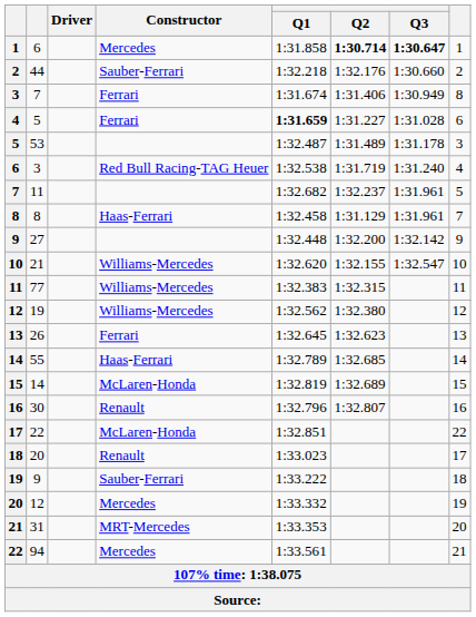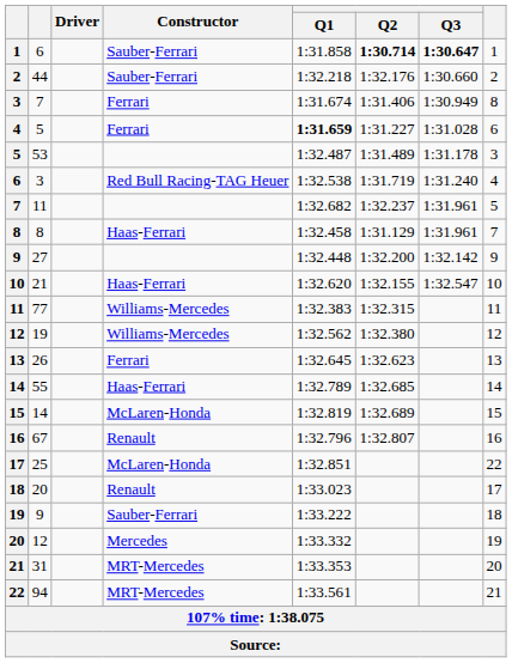 <table class="wikitable sortable" style="font-size: 85%;">
 <tr>
 <th rowspan="2"></th>
 <th rowspan="2"></th>
 <th rowspan="2">Driver</th>
 <th rowspan="2">Constructor</th>
 <th colspan="3"></th>
 <th rowspan="2"></th>
 </tr>
 <tr>
 <th>Q1</th>
 <th>Q2</th>
 <th>Q3</th>
 </tr>
 <tr>
 <th>1</th>
 <td align="center">6</td>
 <td></td>
-<td><a href='#'>Mercedes</a></td>
+<td><a href='#'>Sauber</a>-<a href='#'>Ferrari</a></td>
 <td>1:31.858</td>
 <td><strong>1:30.714</strong></td>
 <td><strong>1:30.647</strong></td>
 <td align="center">1</td>
 </tr>
 <tr>
 <th>2</th>
 <td align="center">44</td>
 <td></td>
 <td><a href='#'>Sauber</a>-<a href='#'>Ferrari</a></td>
 <td>1:32.218</td>
 <td>1:32.176</td>
 <td>1:30.660</td>
 <td align="center">2</td>
 </tr>
 <tr>
 <th>3</th>
 <td align="center">7</td>
 <td></td>
 <td><a href='#'>Ferrari</a></td>
 <td>1:31.674</td>
 <td>1:31.406</td>
 <td>1:30.949</td>
 <td align="center">8</td>
 </tr>
 <tr>
 <th>4</th>
 <td align="center">5</td>
 <td></td>
 <td><a href='#'>Ferrari</a></td>
 <td><strong>1:31.659</strong></td>
 <td>1:31.227</td>
 <td>1:31.028</td>
 <td align="center">6</td>
 </tr>
 <tr>
 <th>5</th>
 <td align="center">53</td>
 <td></td>
 <td></td>
 <td>1:32.487</td>
 <td>1:31.489</td>
 <td>1:31.178</td>
 <td align="center">3</td>
 </tr>
 <tr>
 <th>6</th>
 <td align="center">3</td>
 <td></td>
 <td><a href='#'>Red Bull Racing</a>-<a href='#'>TAG Heuer</a></td>
 <td>1:32.538</td>
 <td>1:31.719</td>
 <td>1:31.240</td>
 <td align="center">4</td>
 </tr>
 <tr>
 <th>7</th>
 <td align="center">11</td>
 <td></td>
 <td></td>
 <td>1:32.682</td>
 <td>1:32.237</td>
 <td>1:31.961</td>
 <td align="center">5</td>
 </tr>
 <tr>
 <th>8</th>
 <td align="center">8</td>
 <td></td>
 <td><a href='#'>Haas</a>-<a href='#'>Ferrari</a></td>
 <td>1:32.458</td>
 <td>1:31.129</td>
 <td>1:31.961</td>
 <td align="center">7</td>
 </tr>
 <tr>
 <th>9</th>
 <td align="center">27</td>
 <td></td>
 <td></td>
 <td>1:32.448</td>
 <td>1:32.200</td>
 <td>1:32.142</td>
 <td align="center">9</td>
 </tr>
 <tr>
 <th>10</th>
 <td align="center">21</td>
 <td></td>
-<td><a href='#'>Williams</a>-<a href='#'>Mercedes</a></td>
+<td><a href='#'>Haas</a>-<a href='#'>Ferrari</a></td>
 <td>1:32.620</td>
 <td>1:32.155</td>
 <td>1:32.547</td>
 <td align="center">10</td>
 </tr>
 <tr>
 <th>11</th>
 <td align="center">77</td>
 <td></td>
 <td><a href='#'>Williams</a>-<a href='#'>Mercedes</a></td>
 <td>1:32.383</td>
 <td>1:32.315</td>
 <td></td>
 <td align="center">11</td>
 </tr>
 <tr>
 <th>12</th>
 <td align="center">19</td>
 <td></td>
 <td><a href='#'>Williams</a>-<a href='#'>Mercedes</a></td>
 <td>1:32.562</td>
 <td>1:32.380</td>
 <td></td>
 <td align="center">12</td>
 </tr>
 <tr>
 <th>13</th>
 <td align="center">26</td>
 <td></td>
 <td><a href='#'>Ferrari</a></td>
 <td>1:32.645</td>
 <td>1:32.623</td>
 <td></td>
 <td align="center">13</td>
 </tr>
 <tr>
 <th>14</th>
 <td align="center">55</td>
 <td></td>
 <td><a href='#'>Haas</a>-<a href='#'>Ferrari</a></td>
 <td>1:32.789</td>
 <td>1:32.685</td>
 <td></td>
 <td align="center">14</td>
 </tr>
 <tr>
 <th>15</th>
 <td align="center">14</td>
 <td></td>
 <td><a href='#'>McLaren</a>-<a href='#'>Honda</a></td>
 <td>1:32.819</td>
 <td>1:32.689</td>
 <td></td>
 <td align="center">15</td>
 </tr>
 <tr>
 <th>16</th>
-<td align="center">30</td>
+<td align="center">67</td>
 <td></td>
 <td><a href='#'>Renault</a></td>
 <td>1:32.796</td>
 <td>1:32.807</td>
 <td></td>
 <td align="center">16</td>
 </tr>
 <tr>
 <th>17</th>
-<td align="center">22</td>
+<td align="center">25</td>
 <td></td>
 <td><a href='#'>McLaren</a>-<a href='#'>Honda</a></td>
 <td>1:32.851</td>
 <td></td>
 <td></td>
 <td align="center">22</td>
 </tr>
 <tr>
 <th>18</th>
 <td align="center">20</td>
 <td></td>
 <td><a href='#'>Renault</a></td>
 <td>1:33.023</td>
 <td></td>
 <td></td>
 <td align="center">17</td>
 </tr>
 <tr>
 <th>19</th>
 <td align="center">9</td>
 <td></td>
 <td><a href='#'>Sauber</a>-<a href='#'>Ferrari</a></td>
 <td>1:33.222</td>
 <td></td>
 <td></td>
 <td align="center">18</td>
 </tr>
 <tr>
 <th>20</th>
 <td align="center">12</td>
 <td></td>
 <td><a href='#'>Mercedes</a></td>
 <td>1:33.332</td>
 <td></td>
 <td></td>
 <td align="center">19</td>
 </tr>
 <tr>
 <th>21</th>
 <td align="center">31</td>
 <td></td>
 <td><a href='#'>MRT</a>-<a href='#'>Mercedes</a></td>
 <td>1:33.353</td>
 <td></td>
 <td></td>
 <td align="center">20</td>
 </tr>
 <tr>
 <th>22</th>
 <td align="center">94</td>
 <td></td>
-<td><a href='#'>Mercedes</a></td>
+<td><a href='#'>MRT</a>-<a href='#'>Mercedes</a></td>
 <td>1:33.561</td>
 <td></td>
 <td></td>
 <td align="center">21</td>
 </tr>
 <tr>
 <th colspan="8"><a href='#'>107% time</a>: 1:38.075</th>
 </tr>
 <tr>
 <th colspan=8>Source:</th>
 </tr>
 </table>
